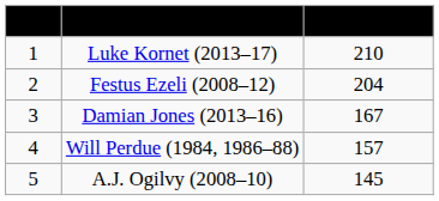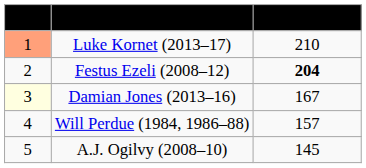 <table class="wikitable" style="text-align: center;">
 <tr>
 <td bgcolor="black"><span><strong>Rank</strong></span></td>
 <td bgcolor="black"><span><strong>Player</strong></span></td>
 <td bgcolor="black"><span><strong>Career Blocks</strong></span></td>
 </tr>
 <tr align="center">
 </tr>
 <tr>
-<td>1</td>
+<td style="background: lightsalmon;">1</td>
 <td><a href='#'>Luke Kornet</a> (2013–17)</td>
 <td>210</td>
 </tr>
 <tr>
 <td>2</td>
 <td><a href='#'>Festus Ezeli</a> (2008–12)</td>
-<td>204</td>
+<td><strong>204</strong></td>
 </tr>
 <tr>
-<td>3</td>
+<td style="background: lightyellow;">3</td>
 <td><a href='#'>Damian Jones</a> (2013–16)</td>
 <td>167</td>
 </tr>
 <tr>
 <td>4</td>
 <td><a href='#'>Will Perdue</a> (1984, 1986–88)</td>
 <td>157</td>
 </tr>
 <tr>
 <td>5</td>
 <td>A.J. Ogilvy (2008–10)</td>
 <td>145</td>
 </tr>
 </table>
